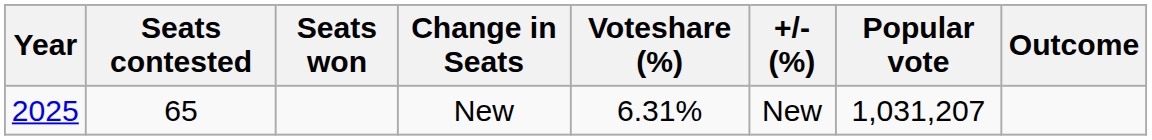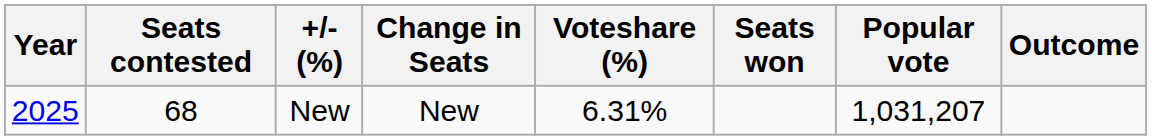 <table class="wikitable sortable">
 <tr>
 <th style="background-color:">Year</th>
 <th style="background-color:">Seats contested</th>
-<th style="background-color:">Seats won</th>
+<th style="background-color:">+/- (%)</th>
 <th style="background-color:">Change in Seats</th>
 <th style="background-color:">Voteshare (%)</th>
-<th style="background-color:">+/- (%)</th>
+<th style="background-color:">Seats won</th>
 <th style="background-color:">Popular vote</th>
 <th style="background-color:">Outcome</th>
 </tr>
 <tr style="text-align:center;">
 <td><a href='#'>2025</a></td>
-<td>65</td>
-<td></td>
+<td>68</td>
+<td> New</td>
 <td> New</td>
 <td>6.31%</td>
-<td> New</td>
+<td></td>
 <td>1,031,207</td>
 <td></td>
 </tr>
 </table>
